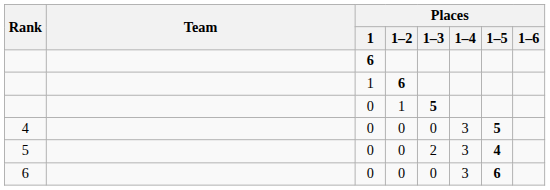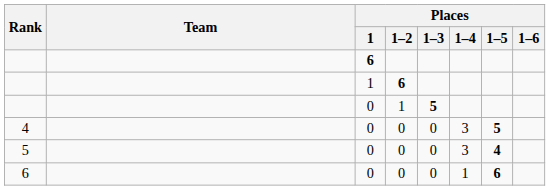 <table class="wikitable" style="text-align:center">
 <tr>
 <th rowspan="2" width=40>Rank</th>
 <th rowspan="2" width=380>Team</th>
 <th colspan="7">Places</th>
 </tr>
 <tr>
 <th width=30>1</th>
 <th width=30>1–2</th>
 <th width=30>1–3</th>
 <th width=30>1–4</th>
 <th width=30>1–5</th>
 <th width=30>1–6</th>
 </tr>
 <tr>
 <td></td>
 <td align=left></td>
 <td><strong>6</strong></td>
 <td></td>
 <td></td>
 <td></td>
 <td></td>
 <td></td>
 </tr>
 <tr>
 <td></td>
 <td align=left></td>
 <td>1</td>
 <td><strong>6</strong></td>
 <td></td>
 <td></td>
 <td></td>
 <td></td>
 </tr>
 <tr>
 <td></td>
 <td align=left></td>
 <td>0</td>
 <td>1</td>
 <td><strong>5</strong></td>
 <td></td>
 <td></td>
 <td></td>
 </tr>
 <tr>
 <td>4</td>
 <td align=left></td>
 <td>0</td>
 <td>0</td>
 <td>0</td>
 <td>3</td>
 <td><strong>5</strong></td>
 <td></td>
 </tr>
 <tr>
 <td>5</td>
 <td align=left></td>
 <td>0</td>
 <td>0</td>
-<td>2</td>
+<td>0</td>
 <td>3</td>
 <td><strong>4</strong></td>
 <td></td>
 </tr>
 <tr>
 <td>6</td>
 <td align=left></td>
 <td>0</td>
 <td>0</td>
 <td>0</td>
-<td>3</td>
+<td>1</td>
 <td><strong>6</strong></td>
 <td></td>
 </tr>
 </table>
